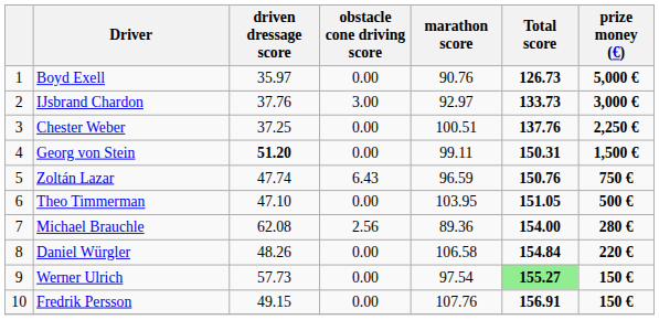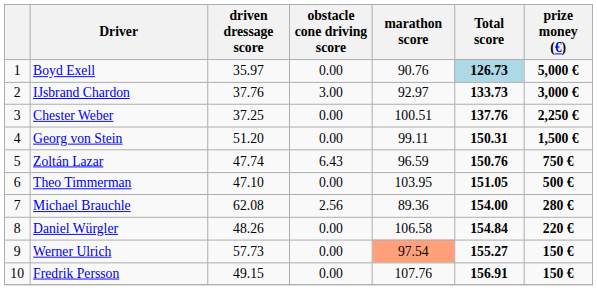 <table class="wikitable" style="font-size: 90%">
 <tr>
 <th width=20></th>
 <th width=180>Driver</th>
 <th width=80>driven dressage<br>score</th>
 <th width=80>obstacle cone driving<br>score</th>
 <th width=80>marathon<br>score</th>
 <th width=66>Total<br>score<br></th>
 <th width=66>prize<br>money<br>(<a href='#'>€</a>)</th>
 </tr>
 <tr>
 <td align=center>1</td>
 <td> <a href='#'>Boyd Exell</a></td>
 <td align=center>35.97</td>
 <td align=center>0.00</td>
 <td align=center>90.76</td>
-<td align=center><strong>126.73</strong></td>
+<td align=center style="background: lightblue;"><strong>126.73</strong></td>
 <td align=center><strong>5,000 €</strong></td>
 </tr>
 <tr>
 <td align=center>2</td>
 <td> <a href='#'>IJsbrand Chardon</a></td>
 <td align=center>37.76</td>
 <td align=center>3.00</td>
 <td align=center>92.97</td>
 <td align=center><strong>133.73</strong></td>
 <td align=center><strong>3,000 €</strong></td>
 </tr>
 <tr>
 <td align=center>3</td>
 <td> <a href='#'>Chester Weber</a></td>
 <td align=center>37.25</td>
 <td align=center>0.00</td>
 <td align=center>100.51</td>
 <td align=center><strong>137.76</strong></td>
 <td align=center><strong>2,250 €</strong></td>
 </tr>
 <tr>
 <td align=center>4</td>
 <td> <a href='#'>Georg von Stein</a></td>
-<td align=center><strong>51.20</strong></td>
+<td align=center>51.20</td>
 <td align=center>0.00</td>
 <td align=center>99.11</td>
 <td align=center><strong>150.31</strong></td>
 <td align=center><strong>1,500 €</strong></td>
 </tr>
 <tr>
 <td align=center>5</td>
 <td> <a href='#'>Zoltán Lazar</a></td>
 <td align=center>47.74</td>
 <td align=center>6.43</td>
 <td align=center>96.59</td>
 <td align=center><strong>150.76</strong></td>
 <td align=center><strong>750 €</strong></td>
 </tr>
 <tr>
 <td align=center>6</td>
 <td> <a href='#'>Theo Timmerman</a></td>
 <td align=center>47.10</td>
 <td align=center>0.00</td>
 <td align=center>103.95</td>
 <td align=center><strong>151.05</strong></td>
 <td align=center><strong>500 €</strong></td>
 </tr>
 <tr>
 <td align=center>7</td>
 <td> <a href='#'>Michael Brauchle</a></td>
 <td align=center>62.08</td>
 <td align=center>2.56</td>
 <td align=center>89.36</td>
 <td align=center><strong>154.00</strong></td>
 <td align=center><strong>280 €</strong></td>
 </tr>
 <tr>
 <td align=center>8</td>
 <td> <a href='#'>Daniel Würgler</a></td>
 <td align=center>48.26</td>
 <td align=center>0.00</td>
 <td align=center>106.58</td>
 <td align=center><strong>154.84</strong></td>
 <td align=center><strong>220 €</strong></td>
 </tr>
 <tr>
 <td align=center>9</td>
 <td> <a href='#'>Werner Ulrich</a></td>
 <td align=center>57.73</td>
 <td align=center>0.00</td>
-<td align=center>97.54</td>
-<td align=center style="background: lightgreen;"><strong>155.27</strong></td>
+<td align=center style="background: lightsalmon;">97.54</td>
+<td align=center><strong>155.27</strong></td>
 <td align=center><strong>150 €</strong></td>
 </tr>
 <tr>
 <td align=center>10</td>
 <td> <a href='#'>Fredrik Persson</a></td>
 <td align=center>49.15</td>
 <td align=center>0.00</td>
 <td align=center>107.76</td>
 <td align=center><strong>156.91</strong></td>
 <td align=center><strong>150 €</strong></td>
 </tr>
 <tr>
 </tr>
 </table>
